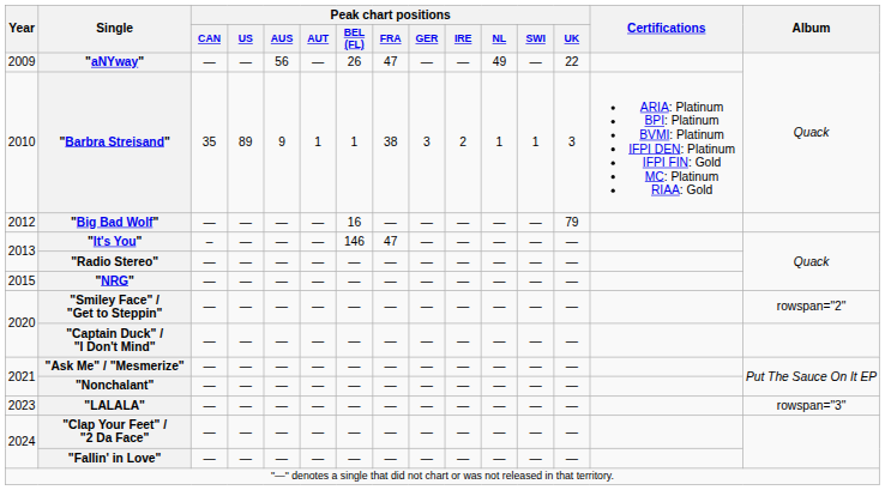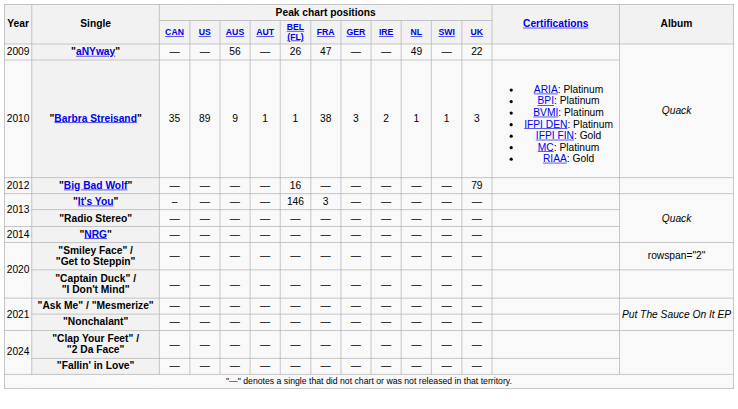 <table class="wikitable plainrowheaders" style="text-align:center;">
 <tr>
 <th scope="col" rowspan="2" style="width:1em;">Year</th>
 <th scope="col" rowspan="2" style="width:12em;">Single</th>
 <th scope="col" colspan="11">Peak chart positions</th>
 <th scope="col" rowspan="2" style="width:12em;"><a href='#'>Certifications</a></th>
 <th scope="col" rowspan="2">Album</th>
 </tr>
 <tr>
 <th scope="col" style="width:3em;font-size:85%;"><a href='#'>CAN</a><br></th>
 <th scope="col" style="width:3em;font-size:85%;"><a href='#'>US</a><br></th>
 <th scope="col" style="width:3em;font-size:85%;"><a href='#'>AUS</a><br></th>
 <th scope="col" style="width:3em;font-size:85%;"><a href='#'>AUT</a><br></th>
 <th scope="col" style="width:3em;font-size:85%;"><a href='#'>BEL<br>(FL)</a><br></th>
 <th scope="col" style="width:3em;font-size:85%;"><a href='#'>FRA</a><br></th>
 <th scope="col" style="width:3em;font-size:85%;"><a href='#'>GER</a><br></th>
 <th scope="col" style="width:3em;font-size:85%;"><a href='#'>IRE</a><br></th>
 <th scope="col" style="width:3em;font-size:85%;"><a href='#'>NL</a><br></th>
 <th scope="col" style="width:3em;font-size:85%;"><a href='#'>SWI</a><br></th>
 <th scope="col" style="width:3em;font-size:85%;"><a href='#'>UK</a><br></th>
 </tr>
 <tr>
 <td>2009</td>
 <th scope="row">"<a href='#'>aNYway</a>"</th>
 <td>—</td>
 <td>—</td>
 <td>56</td>
 <td>—</td>
 <td>26</td>
 <td>47</td>
 <td>—</td>
 <td>—</td>
 <td>49</td>
 <td>—</td>
 <td>22</td>
 <td></td>
 <td rowspan="2"><em>Quack</em></td>
 </tr>
 <tr>
 <td>2010</td>
 <th scope="row">"<a href='#'>Barbra Streisand</a>"</th>
 <td>35</td>
 <td>89</td>
 <td>9</td>
 <td>1</td>
 <td>1</td>
 <td>38</td>
 <td>3</td>
 <td>2</td>
 <td>1</td>
 <td>1</td>
 <td>3</td>
 <td><br><ul><li><a href='#'>ARIA</a>: Platinum</li><li><a href='#'>BPI</a>: Platinum</li><li><a href='#'>BVMI</a>: Platinum</li><li><a href='#'>IFPI DEN</a>: Platinum</li><li><a href='#'>IFPI FIN</a>: Gold</li><li><a href='#'>MC</a>: Platinum</li><li><a href='#'>RIAA</a>: Gold</li></ul></td>
 </tr>
 <tr>
 <td>2012</td>
 <th scope="row">"<a href='#'>Big Bad Wolf</a>"</th>
 <td>—</td>
 <td>—</td>
 <td>—</td>
 <td>—</td>
 <td>16</td>
 <td>—</td>
 <td>—</td>
 <td>—</td>
 <td>—</td>
 <td>—</td>
 <td>79</td>
 <td></td>
 <td></td>
 </tr>
 <tr>
 <td rowspan="2">2013</td>
 <th scope="row">"<a href='#'>It's You</a>"</th>
 <td>–</td>
 <td>—</td>
 <td>—</td>
 <td>—</td>
 <td>146</td>
-<td>47</td>
+<td>3</td>
 <td>—</td>
 <td>—</td>
 <td>—</td>
 <td>—</td>
 <td>—</td>
 <td></td>
 <td rowspan="3"><em>Quack</em></td>
 </tr>
 <tr>
 <th scope="row">"Radio Stereo"</th>
 <td>—</td>
 <td>—</td>
 <td>—</td>
 <td>—</td>
 <td>—</td>
 <td>—</td>
 <td>—</td>
 <td>—</td>
 <td>—</td>
 <td>—</td>
 <td>—</td>
 <td></td>
 </tr>
 <tr>
-<td>2015</td>
+<td>2014</td>
 <th scope="row">"<a href='#'>NRG</a>"</th>
 <td>—</td>
 <td>—</td>
 <td>—</td>
 <td>—</td>
 <td>—</td>
 <td>—</td>
 <td>—</td>
 <td>—</td>
 <td>—</td>
 <td>—</td>
 <td>—</td>
 <td></td>
 </tr>
 <tr>
 <td rowspan="2">2020</td>
 <th scope="row">"Smiley Face" /<br>"Get to Steppin"</th>
 <td>—</td>
 <td>—</td>
 <td>—</td>
 <td>—</td>
 <td>—</td>
 <td>—</td>
 <td>—</td>
 <td>—</td>
 <td>—</td>
 <td>—</td>
 <td>—</td>
 <td></td>
 <td>rowspan="2" </td>
 </tr>
 <tr>
 <th scope="row">"Captain Duck" /<br>"I Don't Mind"</th>
 <td>—</td>
 <td>—</td>
 <td>—</td>
 <td>—</td>
 <td>—</td>
 <td>—</td>
 <td>—</td>
 <td>—</td>
 <td>—</td>
 <td>—</td>
 <td>—</td>
 <td></td>
 </tr>
 <tr>
 <td rowspan="2">2021</td>
 <th scope="row">"Ask Me" / "Mesmerize"</th>
 <td>—</td>
 <td>—</td>
 <td>—</td>
 <td>—</td>
 <td>—</td>
 <td>—</td>
 <td>—</td>
 <td>—</td>
 <td>—</td>
 <td>—</td>
 <td>—</td>
 <td></td>
 <td rowspan="2"><em>Put The Sauce On It EP</em></td>
 </tr>
 <tr>
 <th scope="row">"Nonchalant"</th>
 <td>—</td>
 <td>—</td>
 <td>—</td>
 <td>—</td>
 <td>—</td>
 <td>—</td>
 <td>—</td>
 <td>—</td>
 <td>—</td>
 <td>—</td>
 <td>—</td>
 <td></td>
 </tr>
 <tr>
-<td>2023</td>
-<th scope="row">"LALALA"</th>
-<td>—</td>
-<td>—</td>
-<td>—</td>
-<td>—</td>
-<td>—</td>
-<td>—</td>
-<td>—</td>
-<td>—</td>
-<td>—</td>
-<td>—</td>
-<td>—</td>
-<td></td>
-<td>rowspan="3" </td>
-</tr>
-<tr>
 <td rowspan="2">2024</td>
 <th scope="row">"Clap Your Feet" /<br>"2 Da Face"</th>
 <td>—</td>
 <td>—</td>
 <td>—</td>
 <td>—</td>
 <td>—</td>
 <td>—</td>
 <td>—</td>
 <td>—</td>
 <td>—</td>
 <td>—</td>
 <td>—</td>
 <td></td>
 </tr>
 <tr>
 <th scope="row">"Fallin' in Love"</th>
 <td>—</td>
 <td>—</td>
 <td>—</td>
 <td>—</td>
 <td>—</td>
 <td>—</td>
 <td>—</td>
 <td>—</td>
 <td>—</td>
 <td>—</td>
 <td>—</td>
 <td></td>
 </tr>
 <tr>
 <td colspan="15" style="font-size:85%">"—" denotes a single that did not chart or was not released in that territory.</td>
 </tr>
 </table>
